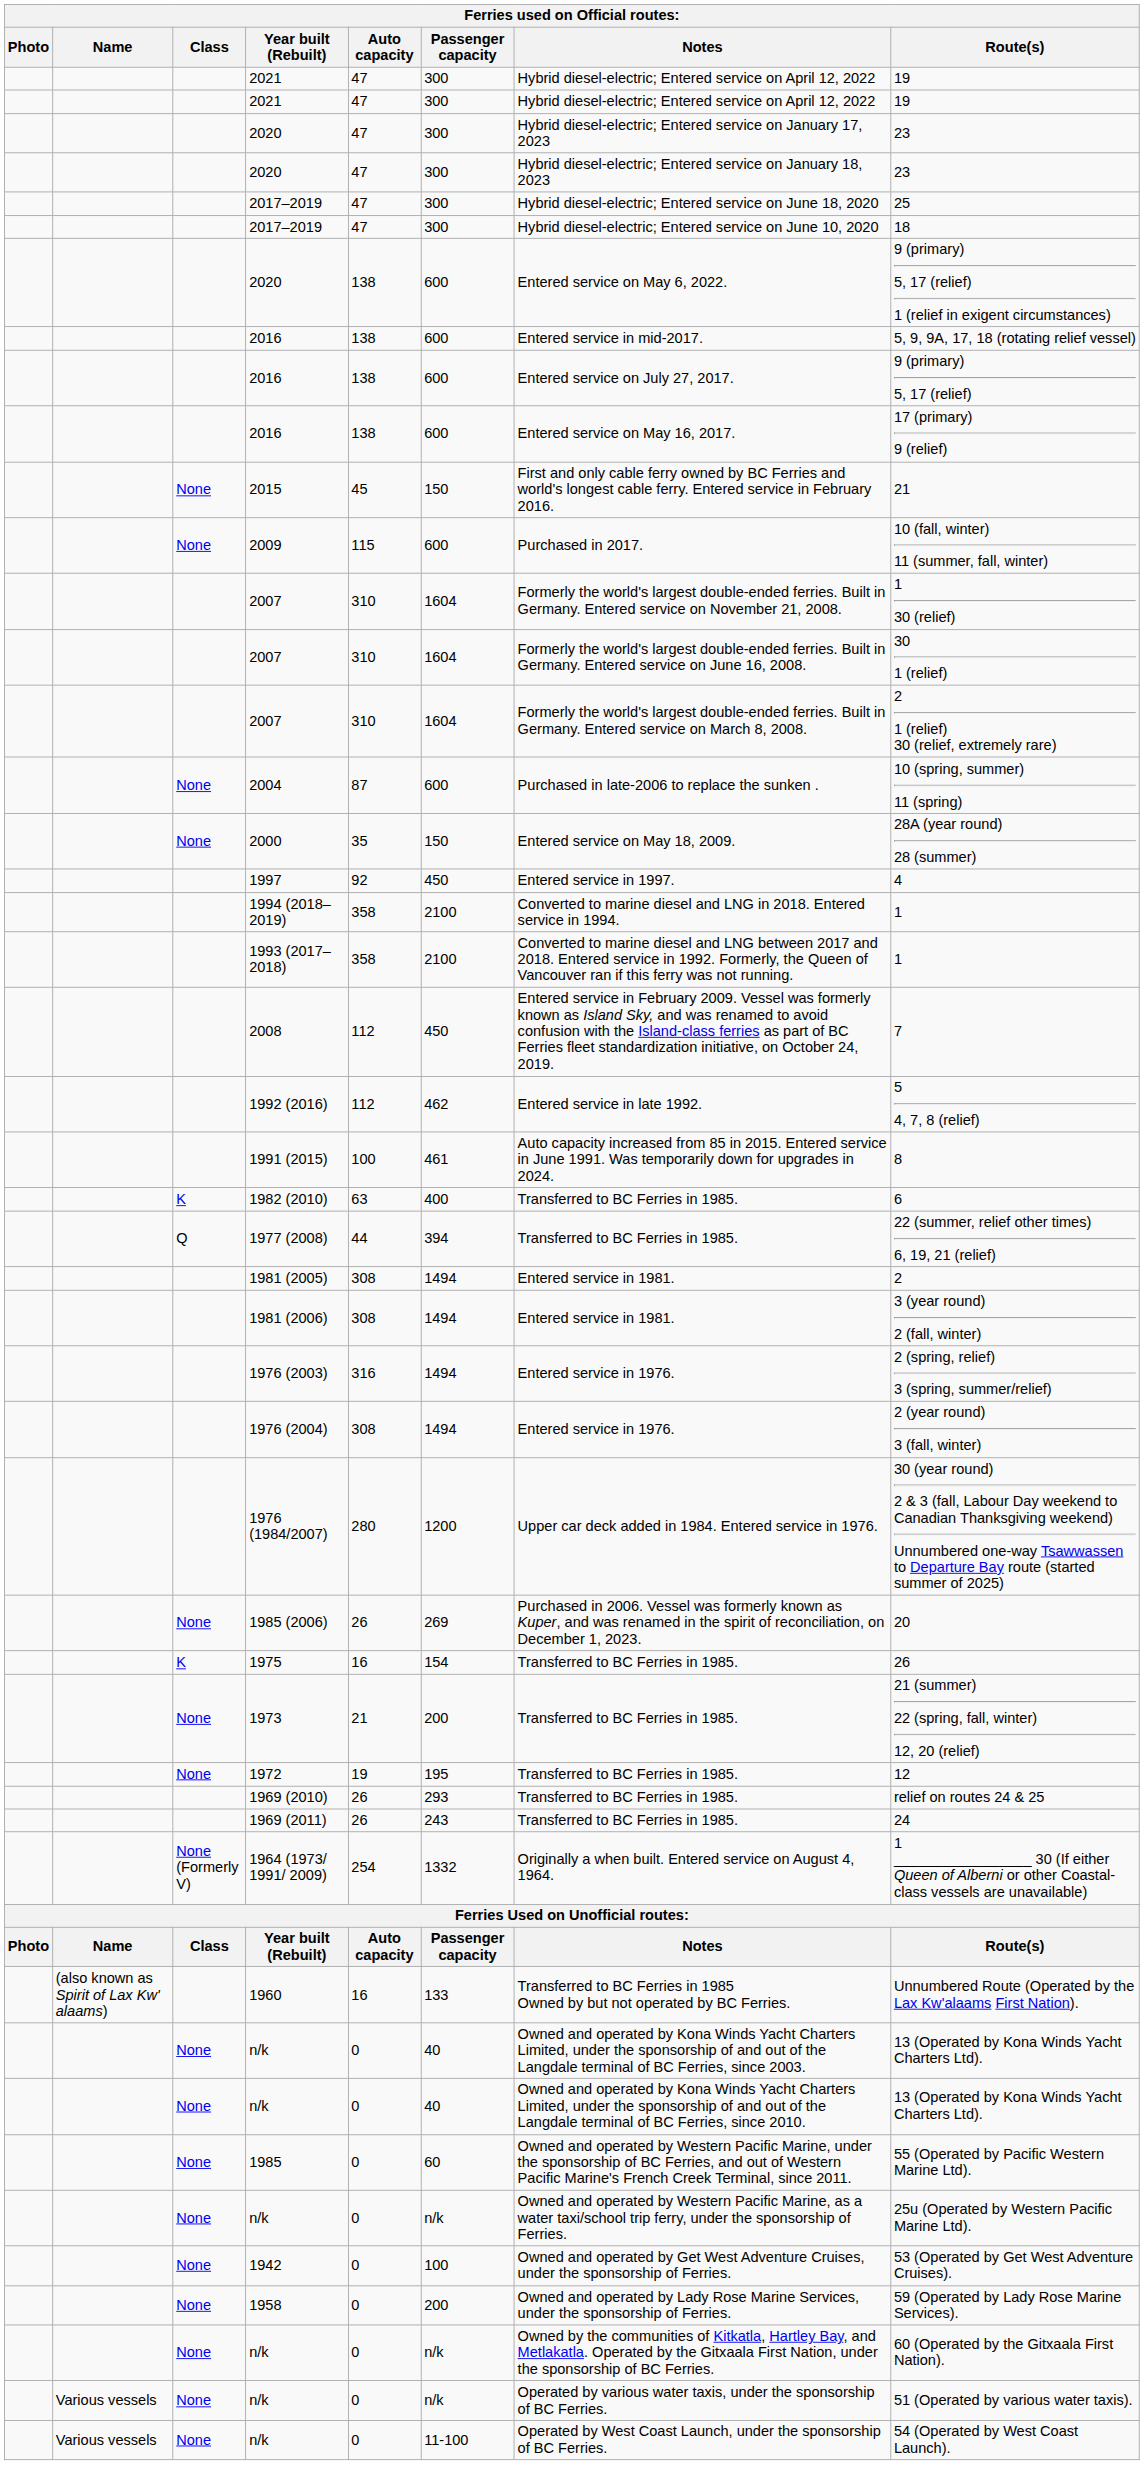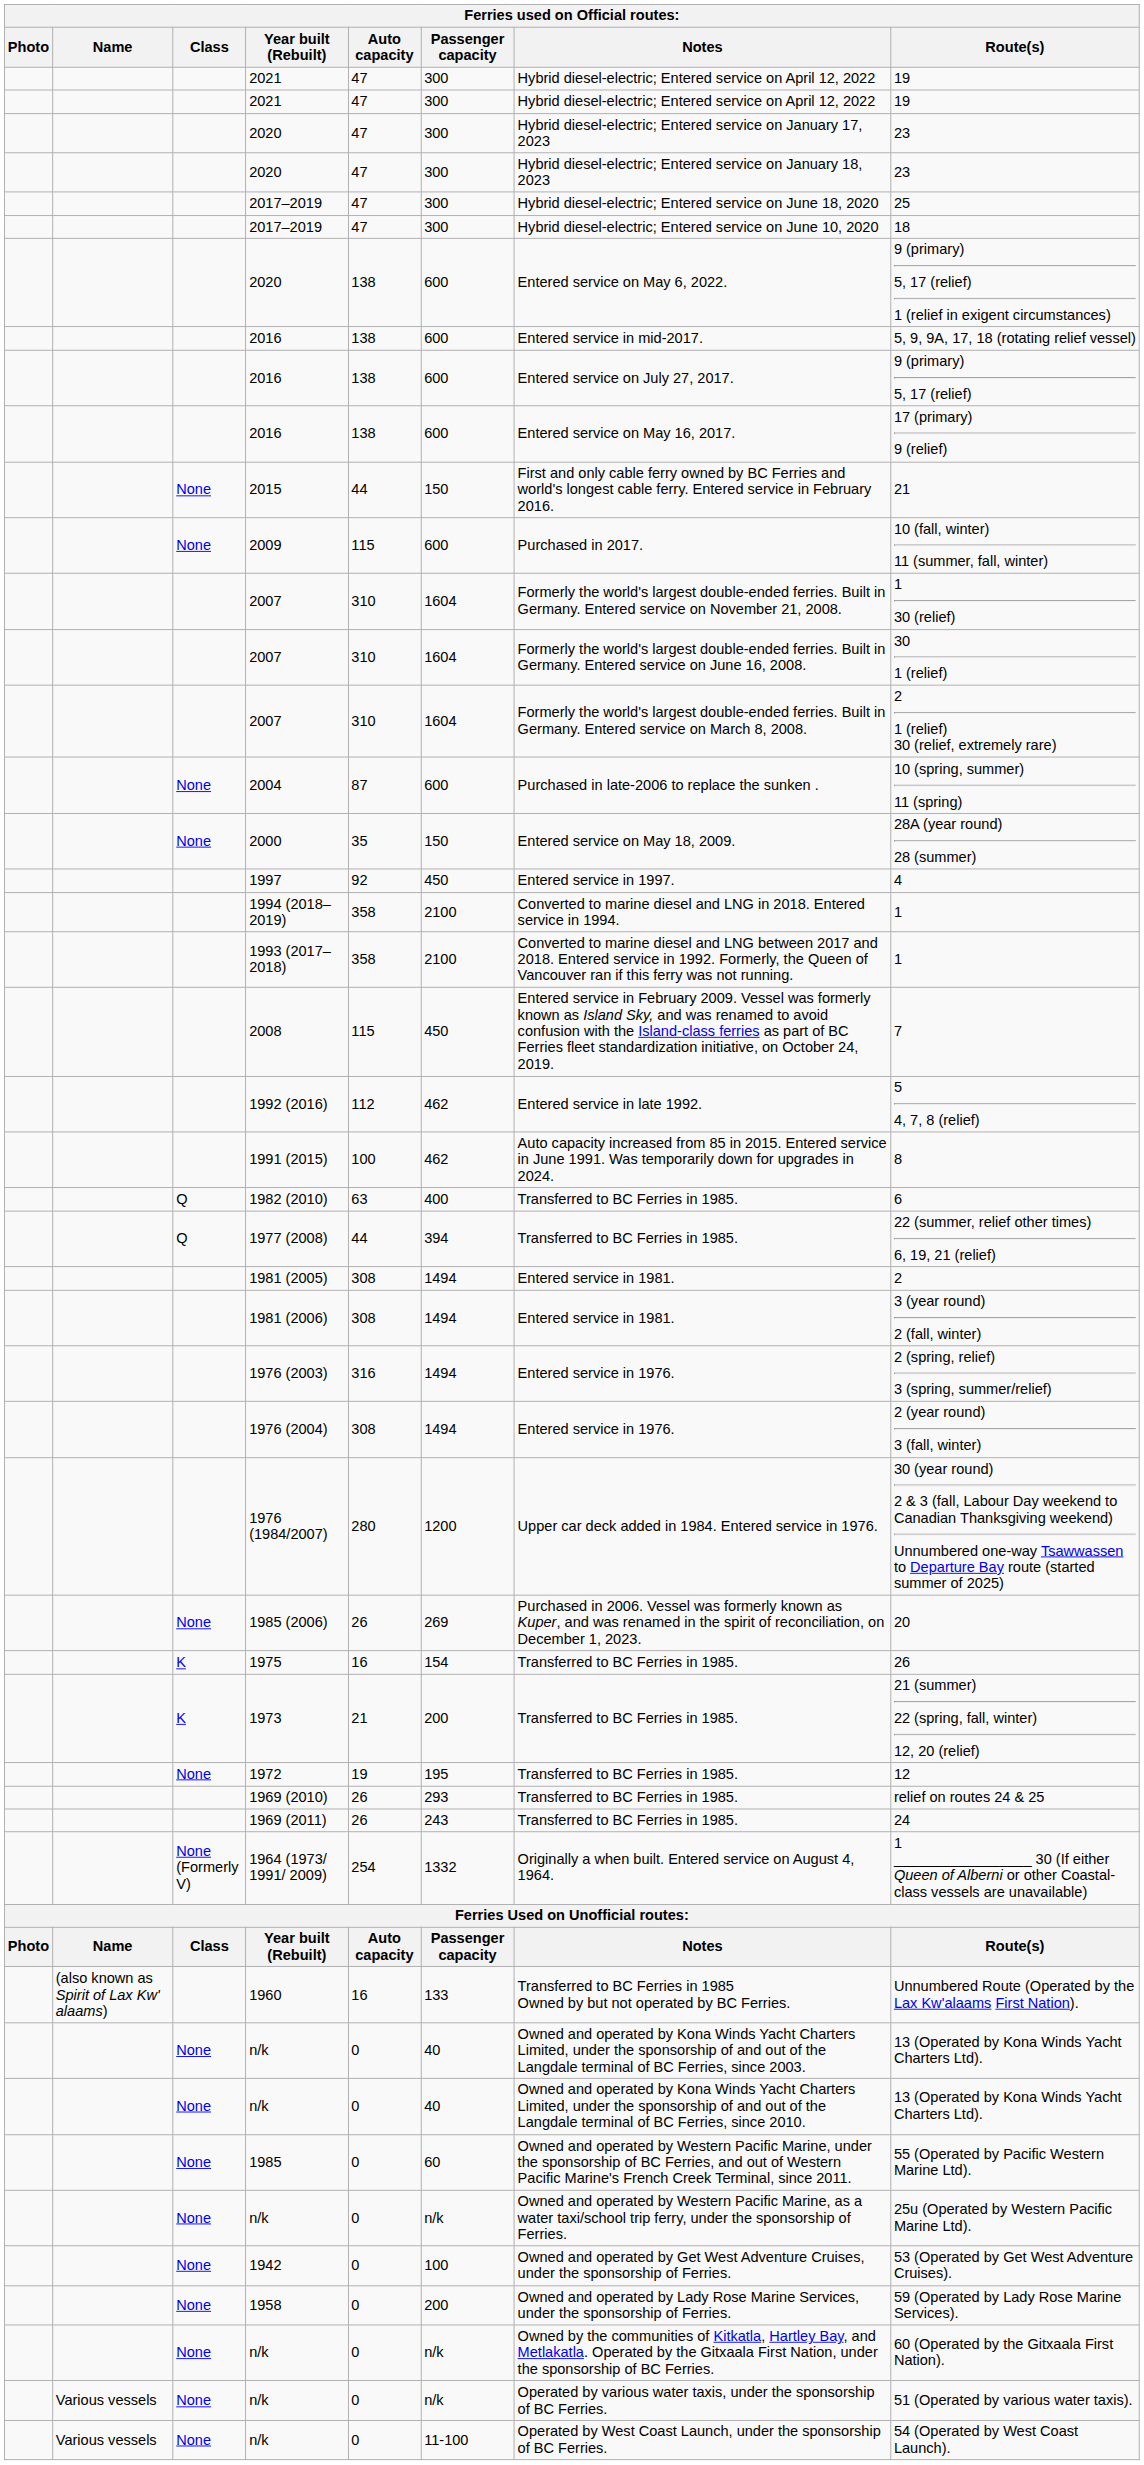 <table class="wikitable sortable" style="font-size:100%">
 <tr>
 <th colspan="8">Ferries used on Official routes:</th>
 </tr>
 <tr>
 <th class="unsortable">Photo</th>
 <th style="width:125px">Name</th>
 <th>Class</th>
 <th>Year built<br>(Rebuilt)</th>
 <th>Auto capacity</th>
 <th>Passenger capacity</th>
 <th>Notes</th>
 <th>Route(s)</th>
 </tr>
 <tr>
 <td></td>
 <td></td>
 <td></td>
 <td>2021</td>
 <td>47</td>
 <td>300</td>
 <td>Hybrid diesel-electric; Entered service on April 12, 2022</td>
 <td>19</td>
 </tr>
 <tr>
 <td></td>
 <td></td>
 <td></td>
 <td>2021</td>
 <td>47</td>
 <td>300</td>
 <td>Hybrid diesel-electric; Entered service on April 12, 2022</td>
 <td>19</td>
 </tr>
 <tr>
 <td></td>
 <td></td>
 <td></td>
 <td>2020</td>
 <td>47</td>
 <td>300</td>
 <td>Hybrid diesel-electric; Entered service on January 17, 2023</td>
 <td>23</td>
 </tr>
 <tr>
 <td></td>
 <td></td>
 <td></td>
 <td>2020</td>
 <td>47</td>
 <td>300</td>
 <td>Hybrid diesel-electric; Entered service on January 18, 2023</td>
 <td>23</td>
 </tr>
 <tr>
 <td></td>
 <td></td>
 <td></td>
 <td>2017–2019</td>
 <td>47</td>
 <td>300</td>
 <td>Hybrid diesel-electric; Entered service on June 18, 2020</td>
 <td>25</td>
 </tr>
 <tr>
 <td></td>
 <td></td>
 <td></td>
 <td>2017–2019</td>
 <td>47</td>
 <td>300</td>
 <td>Hybrid diesel-electric; Entered service on June 10, 2020</td>
 <td>18</td>
 </tr>
 <tr>
 <td></td>
 <td></td>
 <td></td>
 <td>2020</td>
 <td>138</td>
 <td>600</td>
 <td>Entered service on May 6, 2022.</td>
 <td>9 (primary) <hr>5, 17 (relief) <hr> 1 (relief in exigent circumstances)</td>
 </tr>
 <tr>
 <td></td>
 <td></td>
 <td></td>
 <td>2016</td>
 <td>138</td>
 <td>600</td>
 <td>Entered service in mid-2017.</td>
 <td>5, 9, 9A, 17, 18 (rotating relief vessel)</td>
 </tr>
 <tr>
 <td></td>
 <td></td>
 <td></td>
 <td>2016</td>
 <td>138</td>
 <td>600</td>
 <td>Entered service on July 27, 2017.</td>
 <td>9 (primary)<hr>5, 17 (relief)</td>
 </tr>
 <tr>
 <td></td>
 <td></td>
 <td></td>
 <td>2016</td>
 <td>138</td>
 <td>600</td>
 <td>Entered service on May 16, 2017.</td>
 <td>17 (primary)<hr>9 (relief)</td>
 </tr>
 <tr>
 <td></td>
 <td></td>
 <td><a href='#'>None</a></td>
 <td>2015</td>
-<td>45</td>
+<td>44</td>
 <td>150</td>
 <td>First and only cable ferry owned by BC Ferries and world's longest cable ferry. Entered service in February 2016.</td>
 <td>21</td>
 </tr>
 <tr>
 <td></td>
 <td></td>
 <td><a href='#'>None</a></td>
 <td>2009</td>
 <td>115</td>
 <td>600</td>
 <td>Purchased in 2017.</td>
 <td>10 (fall, winter)<hr>11 (summer, fall, winter)</td>
 </tr>
 <tr>
 <td></td>
 <td></td>
 <td></td>
 <td>2007</td>
 <td>310</td>
 <td>1604</td>
 <td>Formerly the world's largest double-ended ferries. Built in Germany. Entered service on November 21, 2008.</td>
 <td>1<hr>30 (relief)</td>
 </tr>
 <tr>
 <td></td>
 <td></td>
 <td></td>
 <td>2007</td>
 <td>310</td>
 <td>1604</td>
 <td>Formerly the world's largest double-ended ferries. Built in Germany. Entered service on June 16, 2008.</td>
 <td>30<hr>1 (relief)</td>
 </tr>
 <tr>
 <td></td>
 <td></td>
 <td></td>
 <td>2007</td>
 <td>310</td>
 <td>1604</td>
 <td>Formerly the world's largest double-ended ferries. Built in Germany. Entered service on March 8, 2008.</td>
 <td>2<hr>1 (relief)<br>30 (relief, extremely rare)</td>
 </tr>
 <tr>
 <td></td>
 <td></td>
 <td><a href='#'>None</a></td>
 <td>2004</td>
 <td>87</td>
 <td>600</td>
 <td>Purchased in late-2006 to replace the sunken .</td>
 <td>10 (spring, summer)<hr>11 (spring)</td>
 </tr>
 <tr>
 <td></td>
 <td></td>
 <td><a href='#'>None</a></td>
 <td>2000</td>
 <td>35</td>
 <td>150</td>
 <td>Entered service on May 18, 2009.</td>
 <td>28A (year round)<hr>28 (summer)</td>
 </tr>
 <tr>
 <td></td>
 <td></td>
 <td></td>
 <td>1997</td>
 <td>92</td>
 <td>450</td>
 <td>Entered service in 1997.</td>
 <td>4</td>
 </tr>
 <tr>
 <td></td>
 <td></td>
 <td></td>
 <td>1994 (2018–2019)</td>
 <td>358</td>
 <td>2100</td>
 <td>Converted to marine diesel and LNG in 2018. Entered service in 1994.</td>
 <td>1</td>
 </tr>
 <tr>
 <td></td>
 <td></td>
 <td></td>
 <td>1993 (2017–2018)</td>
 <td>358</td>
 <td>2100</td>
 <td>Converted to marine diesel and LNG between 2017 and 2018. Entered service in 1992. Formerly, the Queen of Vancouver ran if this ferry was not running.</td>
 <td>1</td>
 </tr>
 <tr>
 <td></td>
 <td></td>
 <td></td>
 <td>2008</td>
-<td>112</td>
+<td>115</td>
 <td>450</td>
 <td>Entered service in February 2009. Vessel was formerly known as <em>Island Sky,</em> and was renamed to avoid confusion with the <a href='#'>Island-class ferries</a> as part of BC  Ferries fleet standardization initiative, on October 24, 2019.</td>
 <td>7</td>
 </tr>
 <tr>
 <td></td>
 <td></td>
 <td></td>
 <td>1992 (2016)</td>
 <td>112</td>
 <td>462</td>
 <td>Entered service in late 1992.</td>
 <td>5 <hr> 4, 7, 8 (relief)</td>
 </tr>
 <tr>
 <td></td>
 <td></td>
 <td></td>
 <td>1991 (2015)</td>
 <td>100</td>
-<td>461</td>
+<td>462</td>
 <td>Auto capacity increased from 85 in 2015. Entered service in June 1991. Was temporarily down for upgrades in 2024.</td>
 <td>8</td>
 </tr>
 <tr>
 <td></td>
 <td></td>
-<td><a href='#'>K</a></td>
+<td>Q</td>
 <td>1982 (2010)</td>
 <td>63</td>
 <td>400</td>
 <td>Transferred to BC Ferries in 1985.</td>
 <td>6</td>
 </tr>
 <tr>
 <td></td>
 <td></td>
 <td>Q</td>
 <td>1977 (2008)</td>
 <td>44</td>
 <td>394</td>
 <td>Transferred to BC Ferries in 1985.</td>
 <td>22 (summer, relief other times) <hr> 6, 19, 21 (relief)</td>
 </tr>
 <tr>
 <td></td>
 <td></td>
 <td></td>
 <td>1981 (2005)</td>
 <td>308</td>
 <td>1494</td>
 <td>Entered service in 1981.</td>
 <td>2</td>
 </tr>
 <tr>
 <td></td>
 <td></td>
 <td></td>
 <td>1981 (2006)</td>
 <td>308</td>
 <td>1494</td>
 <td>Entered service in 1981.</td>
 <td>3 (year round)<hr>2 (fall, winter)</td>
 </tr>
 <tr>
 <td></td>
 <td></td>
 <td></td>
 <td>1976 (2003)</td>
 <td>316</td>
 <td>1494</td>
 <td>Entered service in 1976.</td>
 <td>2 (spring, relief)<hr>3 (spring, summer/relief)</td>
 </tr>
 <tr>
 <td></td>
 <td></td>
 <td></td>
 <td>1976 (2004)</td>
 <td>308</td>
 <td>1494</td>
 <td>Entered service in 1976.</td>
 <td>2 (year round)<hr>3 (fall, winter)</td>
 </tr>
 <tr>
 <td></td>
 <td></td>
 <td></td>
 <td>1976 (1984/2007)</td>
 <td>280</td>
 <td>1200</td>
 <td>Upper car deck added in 1984. Entered service in 1976.</td>
 <td>30 (year round)<hr> 2 & 3 (fall, Labour Day weekend to Canadian Thanksgiving weekend)<hr>Unnumbered one-way <a href='#'>Tsawwassen</a> to <a href='#'>Departure Bay</a> route (started summer of 2025)</td>
 </tr>
 <tr>
 <td></td>
 <td></td>
 <td><a href='#'>None</a></td>
 <td>1985 (2006)</td>
 <td>26</td>
 <td>269</td>
 <td>Purchased in 2006. Vessel was formerly known as <em>Kuper</em>, and was renamed in the spirit of reconciliation, on December 1, 2023.</td>
 <td>20</td>
 </tr>
 <tr>
 <td></td>
 <td></td>
 <td><a href='#'>K</a></td>
 <td>1975</td>
 <td>16</td>
 <td>154</td>
 <td>Transferred to BC Ferries in 1985.</td>
 <td>26</td>
 </tr>
 <tr>
 <td></td>
 <td></td>
-<td><a href='#'>None</a></td>
+<td><a href='#'>K</a></td>
 <td>1973</td>
 <td>21</td>
 <td>200</td>
 <td>Transferred to BC Ferries in 1985.</td>
 <td>21 (summer) <hr>22 (spring, fall, winter) <hr> 12, 20 (relief)</td>
 </tr>
 <tr>
 <td></td>
 <td></td>
 <td><a href='#'>None</a></td>
 <td>1972</td>
 <td>19</td>
 <td>195</td>
 <td>Transferred to BC Ferries in 1985.</td>
 <td>12</td>
 </tr>
 <tr>
 <td></td>
 <td></td>
 <td></td>
 <td>1969 (2010)</td>
 <td>26</td>
 <td>293</td>
 <td>Transferred to BC Ferries in 1985.</td>
 <td>relief on routes 24 & 25</td>
 </tr>
 <tr>
 <td></td>
 <td></td>
 <td></td>
 <td>1969 (2011)</td>
 <td>26</td>
 <td>243</td>
 <td>Transferred to BC Ferries in 1985.</td>
 <td>24</td>
 </tr>
 <tr>
 <td></td>
 <td></td>
 <td><a href='#'>None</a><br>(Formerly V)</td>
 <td>1964 (1973/ 1991/ 2009)</td>
 <td>254</td>
 <td>1332</td>
 <td>Originally a  when built. Entered service on August 4, 1964.</td>
 <td>1<br>_________________ 30 (If either <em>Queen of Alberni</em> or other Coastal-class vessels are unavailable)</td>
 </tr>
 <tr>
 <th colspan="8">Ferries Used on Unofficial routes:</th>
 </tr>
 <tr>
 <th>Photo</th>
 <th>Name</th>
 <th>Class</th>
 <th>Year built<br>(Rebuilt)</th>
 <th>Auto capacity</th>
 <th>Passenger capacity</th>
 <th>Notes</th>
 <th>Route(s)</th>
 </tr>
 <tr>
 <td></td>
 <td> (also known as <em>Spirit of Lax Kw' alaams</em>)</td>
 <td></td>
 <td>1960</td>
 <td>16</td>
 <td>133</td>
 <td>Transferred to BC Ferries in 1985<br>Owned by but not operated by BC Ferries.</td>
 <td>Unnumbered Route (Operated by the <a href='#'>Lax Kw'alaams</a> <a href='#'>First Nation</a>).</td>
 </tr>
 <tr>
 <td></td>
 <td></td>
 <td><a href='#'>None</a></td>
 <td>n/k</td>
 <td>0</td>
 <td>40</td>
 <td>Owned and operated by Kona Winds Yacht Charters Limited, under the sponsorship of and out of the Langdale terminal of BC Ferries, since 2003.</td>
 <td>13 (Operated by Kona Winds Yacht Charters Ltd).<br></td>
 </tr>
 <tr>
 <td></td>
 <td></td>
 <td><a href='#'>None</a></td>
 <td>n/k</td>
 <td>0</td>
 <td>40</td>
 <td>Owned and operated by Kona Winds Yacht Charters Limited, under the sponsorship of and out of the Langdale terminal of BC Ferries, since 2010.</td>
 <td>13 (Operated by Kona Winds Yacht Charters Ltd).</td>
 </tr>
 <tr>
 <td></td>
 <td></td>
 <td><a href='#'>None</a></td>
 <td>1985</td>
 <td>0</td>
 <td>60</td>
 <td>Owned and operated by Western Pacific Marine, under the sponsorship of BC Ferries, and out of Western Pacific Marine's French Creek Terminal, since 2011.</td>
 <td>55 (Operated by Pacific Western Marine Ltd).</td>
 </tr>
 <tr>
 <td></td>
 <td></td>
 <td><a href='#'>None</a></td>
 <td>n/k</td>
 <td>0</td>
 <td>n/k</td>
 <td>Owned and operated by Western Pacific Marine, as a water taxi/school trip ferry, under the sponsorship of Ferries.</td>
 <td>25u (Operated by Western Pacific Marine Ltd).</td>
 </tr>
 <tr>
 <td></td>
 <td></td>
 <td><a href='#'>None</a></td>
 <td>1942</td>
 <td>0</td>
 <td>100</td>
 <td>Owned and operated by Get West Adventure Cruises, under the sponsorship of Ferries.</td>
 <td>53 (Operated by Get West Adventure Cruises).</td>
 </tr>
 <tr>
 <td></td>
 <td></td>
 <td><a href='#'>None</a></td>
 <td>1958</td>
 <td>0</td>
 <td>200</td>
 <td>Owned and operated by Lady Rose Marine Services, under the sponsorship of Ferries.</td>
 <td>59 (Operated by Lady Rose Marine Services).</td>
 </tr>
 <tr>
 <td></td>
 <td></td>
 <td><a href='#'>None</a></td>
 <td>n/k</td>
 <td>0</td>
 <td>n/k</td>
 <td>Owned by the communities of <a href='#'>Kitkatla</a>, <a href='#'>Hartley Bay</a>, and <a href='#'>Metlakatla</a>. Operated by the Gitxaala First Nation, under the sponsorship of BC Ferries.</td>
 <td>60 (Operated by the Gitxaala First Nation).</td>
 </tr>
 <tr>
 <td></td>
 <td>Various vessels</td>
 <td><a href='#'>None</a></td>
 <td>n/k</td>
 <td>0</td>
 <td>n/k</td>
 <td>Operated by various water taxis, under the sponsorship of BC Ferries.</td>
 <td>51 (Operated by various water taxis).</td>
 </tr>
 <tr>
 <td></td>
 <td>Various vessels</td>
 <td><a href='#'>None</a></td>
 <td>n/k</td>
 <td>0</td>
 <td>11-100</td>
 <td>Operated by West Coast Launch, under the sponsorship of BC Ferries.</td>
 <td>54 (Operated by West Coast Launch).</td>
 </tr>
 </table>
